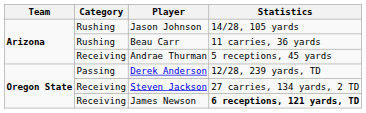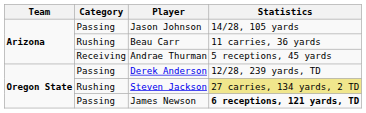 <table class="wikitable" style="float: right;">
 <tr>
 <th>Team</th>
 <th>Category</th>
 <th>Player</th>
 <th>Statistics</th>
 </tr>
 <tr>
 <td rowspan=3><strong>Arizona</strong></td>
-<td>Rushing</td>
+<td>Passing</td>
 <td>Jason Johnson</td>
 <td>14/28, 105 yards</td>
 </tr>
 <tr>
 <td>Rushing</td>
 <td>Beau Carr</td>
 <td>11 carries, 36 yards</td>
 </tr>
 <tr>
 <td>Receiving</td>
 <td>Andrae Thurman</td>
 <td>5 receptions, 45 yards</td>
 </tr>
 <tr>
 <td rowspan=3><strong>Oregon State</strong></td>
 <td>Passing</td>
 <td><a href='#'>Derek Anderson</a></td>
 <td>12/28, 239 yards, TD</td>
 </tr>
 <tr>
-<td>Receiving</td>
+<td>Rushing</td>
 <td><a href='#'>Steven Jackson</a></td>
-<td>27 carries, 134 yards, 2 TD</td>
+<td style="background: khaki;">27 carries, 134 yards, 2 TD</td>
 </tr>
 <tr>
-<td>Receiving</td>
+<td>Passing</td>
 <td>James Newson</td>
 <td><strong>6 receptions, 121 yards, TD</strong></td>
 </tr>
 </table>
